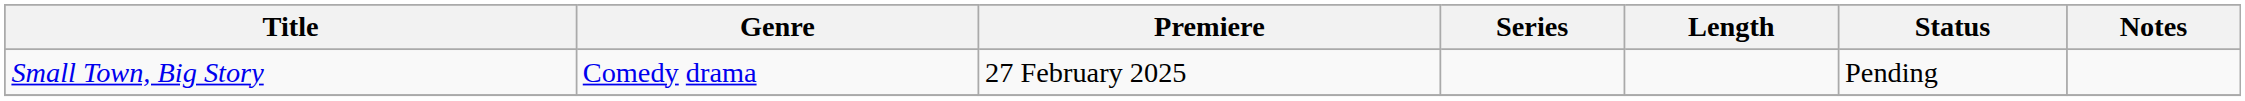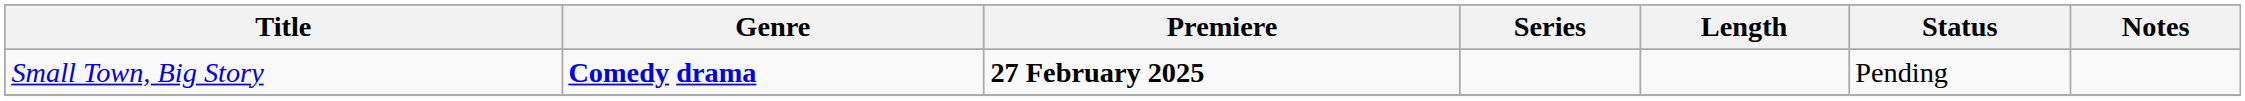 <table class="wikitable sortable" style="width:100%;">
 <tr>
 <th>Title</th>
 <th>Genre</th>
 <th>Premiere</th>
 <th>Series</th>
 <th>Length</th>
 <th>Status</th>
 <th>Notes</th>
 </tr>
 <tr>
 <td><em><a href='#'>Small Town, Big Story</a></em></td>
-<td><a href='#'>Comedy</a> <a href='#'>drama</a></td>
-<td>27 February 2025</td>
+<td><strong><a href='#'>Comedy</a> <a href='#'>drama</a></strong></td>
+<td><strong>27 February 2025</strong></td>
 <td></td>
 <td></td>
 <td>Pending</td>
 <td></td>
 </tr>
 <tr>
 </tr>
 </table>
